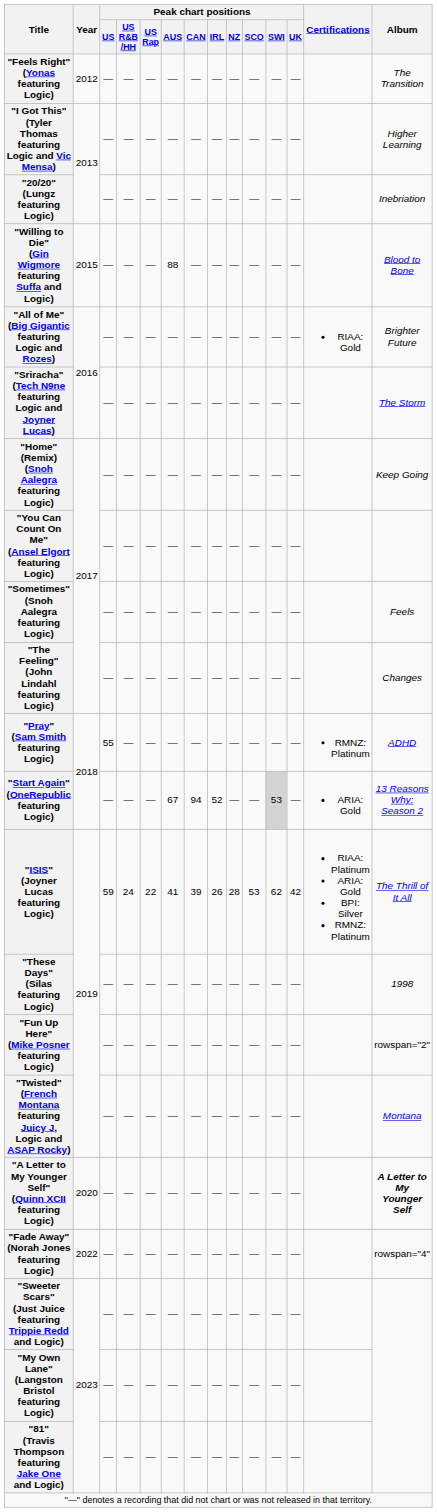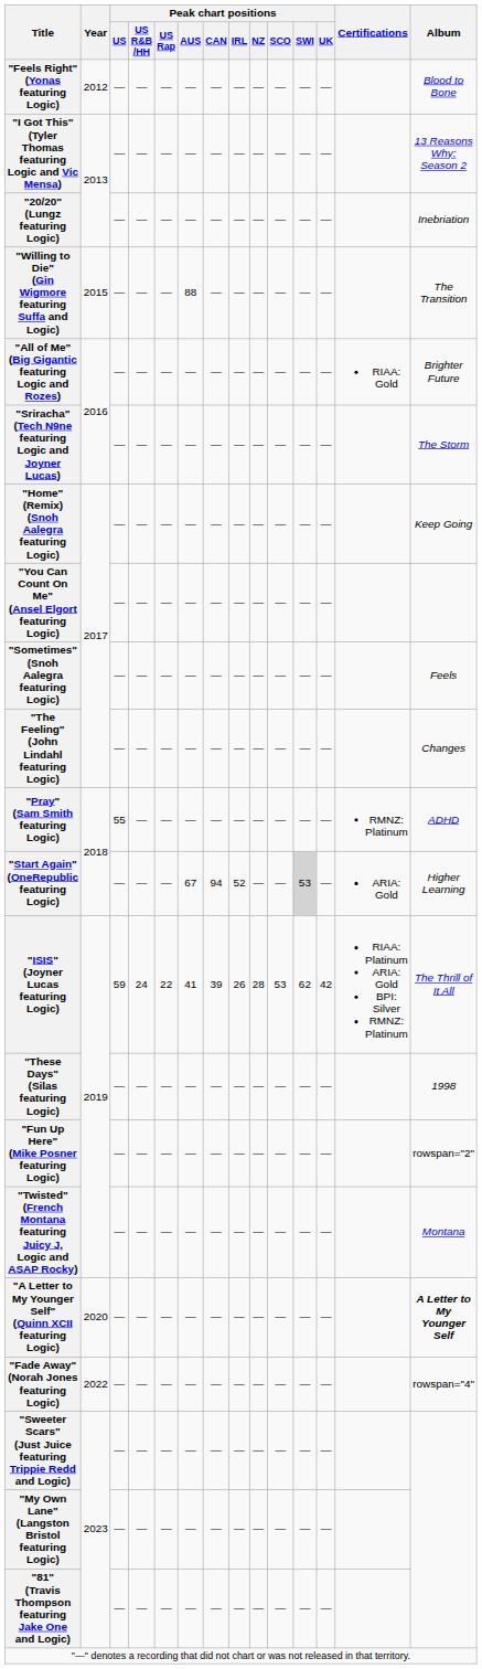 <table class="wikitable plainrowheaders" style="text-align:center;">
 <tr>
 <th scope="col" rowspan="2" style="width:20em;">Title</th>
 <th scope="col" rowspan="2" style="width:1em;">Year</th>
 <th scope="col" colspan="10">Peak chart positions</th>
 <th scope="col" rowspan="2" style="width:12em;"><a href='#'>Certifications</a></th>
 <th scope="col" rowspan="2" style="width:10em;">Album</th>
 </tr>
 <tr>
 <th scope="col" style="width:3em;font-size:90%;"><a href='#'>US</a><br></th>
 <th scope="col" style="width:3em;font-size:90%;"><a href='#'>US<br>R&B<br>/HH</a><br></th>
 <th scope="col" style="width:3em;font-size:90%;"><a href='#'>US<br>Rap</a><br></th>
 <th scope="col" style="width:3em;font-size:90%;"><a href='#'>AUS</a><br></th>
 <th scope="col" style="width:3em;font-size:90%;"><a href='#'>CAN</a><br></th>
 <th scope="col" style="width:3em;font-size:90%;"><a href='#'>IRL</a><br></th>
 <th scope="col" style="width:3em;font-size:90%;"><a href='#'>NZ</a><br></th>
 <th scope="col" style="width:3em;font-size:90%;"><a href='#'>SCO</a><br></th>
 <th scope="col" style="width:3em;font-size:90%;"><a href='#'>SWI</a><br></th>
 <th scope="col" style="width:3em;font-size:90%;"><a href='#'>UK</a><br></th>
 </tr>
 <tr>
 <th scope="row">"Feels Right"<br><span>(<a href='#'>Yonas</a> featuring Logic)</span></th>
 <td>2012</td>
 <td>—</td>
 <td>—</td>
 <td>—</td>
 <td>—</td>
 <td>—</td>
 <td>—</td>
 <td>—</td>
 <td>—</td>
 <td>—</td>
 <td>—</td>
 <td></td>
-<td><em>The Transition</em></td>
+<td><em><a href='#'>Blood to Bone</a></em></td>
 </tr>
 <tr>
 <th scope="row">"I Got This"<br><span>(Tyler Thomas featuring Logic and <a href='#'>Vic Mensa</a>)</span></th>
 <td rowspan="2">2013</td>
 <td>—</td>
 <td>—</td>
 <td>—</td>
 <td>—</td>
 <td>—</td>
 <td>—</td>
 <td>—</td>
 <td>—</td>
 <td>—</td>
 <td>—</td>
 <td></td>
-<td><em>Higher Learning</em></td>
+<td><em><a href='#'>13 Reasons Why: Season 2</a></em></td>
 </tr>
 <tr>
 <th scope="row">"20/20"<br><span>(Lungz featuring Logic)</span></th>
 <td>—</td>
 <td>—</td>
 <td>—</td>
 <td>—</td>
 <td>—</td>
 <td>—</td>
 <td>—</td>
 <td>—</td>
 <td>—</td>
 <td>—</td>
 <td></td>
 <td><em>Inebriation</em></td>
 </tr>
 <tr>
 <th scope="row">"Willing to Die"<br><span>(<a href='#'>Gin Wigmore</a> featuring <a href='#'>Suffa</a> and Logic)</span></th>
 <td>2015</td>
 <td>—</td>
 <td>—</td>
 <td>—</td>
 <td>88</td>
 <td>—</td>
 <td>—</td>
 <td>—</td>
 <td>—</td>
 <td>—</td>
 <td>—</td>
 <td></td>
-<td><em><a href='#'>Blood to Bone</a></em></td>
+<td><em>The Transition</em></td>
 </tr>
 <tr>
 <th scope="row">"All of Me"<br><span>(<a href='#'>Big Gigantic</a> featuring Logic and <a href='#'>Rozes</a>)</span></th>
 <td rowspan="2">2016</td>
 <td>—</td>
 <td>—</td>
 <td>—</td>
 <td>—</td>
 <td>—</td>
 <td>—</td>
 <td>—</td>
 <td>—</td>
 <td>—</td>
 <td>—</td>
 <td><br><ul><li>RIAA: Gold</li></ul></td>
 <td><em>Brighter Future</em></td>
 </tr>
 <tr>
 <th scope="row">"Sriracha"<br><span>(<a href='#'>Tech N9ne</a> featuring Logic and <a href='#'>Joyner Lucas</a>)</span></th>
 <td>—</td>
 <td>—</td>
 <td>—</td>
 <td>—</td>
 <td>—</td>
 <td>—</td>
 <td>—</td>
 <td>—</td>
 <td>—</td>
 <td>—</td>
 <td></td>
 <td><em><a href='#'>The Storm</a></em></td>
 </tr>
 <tr>
 <th scope="row">"Home" (Remix)<br><span>(<a href='#'>Snoh Aalegra</a> featuring Logic)</span></th>
 <td rowspan="4">2017</td>
 <td>—</td>
 <td>—</td>
 <td>—</td>
 <td>—</td>
 <td>—</td>
 <td>—</td>
 <td>—</td>
 <td>—</td>
 <td>—</td>
 <td>—</td>
 <td></td>
 <td><em>Keep Going</em></td>
 </tr>
 <tr>
 <th scope="row">"You Can Count On Me"<br><span>(<a href='#'>Ansel Elgort</a> featuring Logic)</span></th>
 <td>—</td>
 <td>—</td>
 <td>—</td>
 <td>—</td>
 <td>—</td>
 <td>—</td>
 <td>—</td>
 <td>—</td>
 <td>—</td>
 <td>—</td>
 <td></td>
 </tr>
 <tr>
 <th scope="row">"Sometimes"<br><span>(Snoh Aalegra featuring Logic)</span></th>
 <td>—</td>
 <td>—</td>
 <td>—</td>
 <td>—</td>
 <td>—</td>
 <td>—</td>
 <td>—</td>
 <td>—</td>
 <td>—</td>
 <td>—</td>
 <td></td>
 <td><em>Feels</em></td>
 </tr>
 <tr>
 <th scope="row">"The Feeling"<br><span>(John Lindahl featuring Logic)</span></th>
 <td>—</td>
 <td>—</td>
 <td>—</td>
 <td>—</td>
 <td>—</td>
 <td>—</td>
 <td>—</td>
 <td>—</td>
 <td>—</td>
 <td>—</td>
 <td></td>
 <td><em>Changes</em></td>
 </tr>
 <tr>
 <th scope="row">"<a href='#'>Pray</a>"<br><span>(<a href='#'>Sam Smith</a> featuring Logic)</span></th>
 <td rowspan="2">2018</td>
 <td>55</td>
 <td>—</td>
 <td>—</td>
 <td>—</td>
 <td>—</td>
 <td>—</td>
 <td>—</td>
 <td>—</td>
 <td>—</td>
 <td>—</td>
 <td><br><ul><li>RMNZ: Platinum</li></ul></td>
 <td><em><a href='#'>ADHD</a></em></td>
 </tr>
 <tr>
 <th scope="row">"<a href='#'>Start Again</a>"<br><span>(<a href='#'>OneRepublic</a> featuring Logic)</span></th>
 <td>—</td>
 <td>—</td>
 <td>—</td>
 <td>67</td>
 <td>94</td>
 <td>52</td>
 <td>—</td>
 <td>—</td>
 <td style="background: lightgrey;">53</td>
 <td>—</td>
 <td><br><ul><li>ARIA: Gold</li></ul></td>
-<td><em><a href='#'>13 Reasons Why: Season 2</a></em></td>
+<td><em>Higher Learning</em></td>
 </tr>
 <tr>
 <th scope="row">"<a href='#'>ISIS</a>"<br><span>(Joyner Lucas featuring Logic)</span></th>
 <td rowspan="4">2019</td>
 <td>59</td>
 <td>24</td>
 <td>22</td>
 <td>41</td>
 <td>39</td>
 <td>26</td>
 <td>28</td>
 <td>53</td>
 <td>62</td>
 <td>42</td>
 <td><br><ul><li>RIAA: Platinum</li><li>ARIA: Gold</li><li>BPI: Silver</li><li>RMNZ: Platinum</li></ul></td>
 <td><em><a href='#'>The Thrill of It All</a></em></td>
 </tr>
 <tr>
 <th scope="row">"These Days"<br><span>(Silas featuring Logic)</span></th>
 <td>—</td>
 <td>—</td>
 <td>—</td>
 <td>—</td>
 <td>—</td>
 <td>—</td>
 <td>—</td>
 <td>—</td>
 <td>—</td>
 <td>—</td>
 <td></td>
 <td><em>1998</em></td>
 </tr>
 <tr>
 <th scope="row">"Fun Up Here"<br><span>(<a href='#'>Mike Posner</a> featuring Logic)</span></th>
 <td>—</td>
 <td>—</td>
 <td>—</td>
 <td>—</td>
 <td>—</td>
 <td>—</td>
 <td>—</td>
 <td>—</td>
 <td>—</td>
 <td>—</td>
 <td></td>
 <td>rowspan="2" </td>
 </tr>
 <tr>
 <th scope="row">"Twisted"<br><span>(<a href='#'>French Montana</a> featuring <a href='#'>Juicy J</a>, Logic and <a href='#'>ASAP Rocky</a>)</span></th>
 <td>—</td>
 <td>—</td>
 <td>—</td>
 <td>—</td>
 <td>—</td>
 <td>—</td>
 <td>—</td>
 <td>—</td>
 <td>—</td>
 <td>—</td>
 <td></td>
 <td><em><a href='#'>Montana</a></em></td>
 </tr>
 <tr>
 <th scope="row">"A Letter to My Younger Self"<br><span>(<a href='#'>Quinn XCII</a> featuring Logic)</span></th>
 <td>2020</td>
 <td>—</td>
 <td>—</td>
 <td>—</td>
 <td>—</td>
 <td>—</td>
 <td>—</td>
 <td>—</td>
 <td>—</td>
 <td>—</td>
 <td>—</td>
 <td></td>
 <td><strong><em>A Letter to My Younger Self</em></strong></td>
 </tr>
 <tr>
 <th scope="row">"Fade Away"<br><span>(Norah Jones featuring Logic)</span></th>
 <td>2022</td>
 <td>—</td>
 <td>—</td>
 <td>—</td>
 <td>—</td>
 <td>—</td>
 <td>—</td>
 <td>—</td>
 <td>—</td>
 <td>—</td>
 <td>—</td>
 <td></td>
 <td>rowspan="4" </td>
 </tr>
 <tr>
 <th scope="row">"Sweeter Scars"<br><span>(Just Juice featuring <a href='#'>Trippie Redd</a> and Logic)</span></th>
 <td rowspan="3">2023</td>
 <td>—</td>
 <td>—</td>
 <td>—</td>
 <td>—</td>
 <td>—</td>
 <td>—</td>
 <td>—</td>
 <td>—</td>
 <td>—</td>
 <td>—</td>
 <td></td>
 </tr>
 <tr>
 <th scope="row">"My Own Lane"<br><span>(Langston Bristol featuring Logic)</span></th>
 <td>—</td>
 <td>—</td>
 <td>—</td>
 <td>—</td>
 <td>—</td>
 <td>—</td>
 <td>—</td>
 <td>—</td>
 <td>—</td>
 <td>—</td>
 <td></td>
 </tr>
 <tr>
 <th scope="row">"81"<br><span>(Travis Thompson featuring <a href='#'>Jake One</a> and Logic)</span></th>
 <td>—</td>
 <td>—</td>
 <td>—</td>
 <td>—</td>
 <td>—</td>
 <td>—</td>
 <td>—</td>
 <td>—</td>
 <td>—</td>
 <td>—</td>
 <td></td>
 </tr>
 <tr>
 <td colspan="15" style="font-size:90%">"—" denotes a recording that did not chart or was not released in that territory.</td>
 </tr>
 </table>
